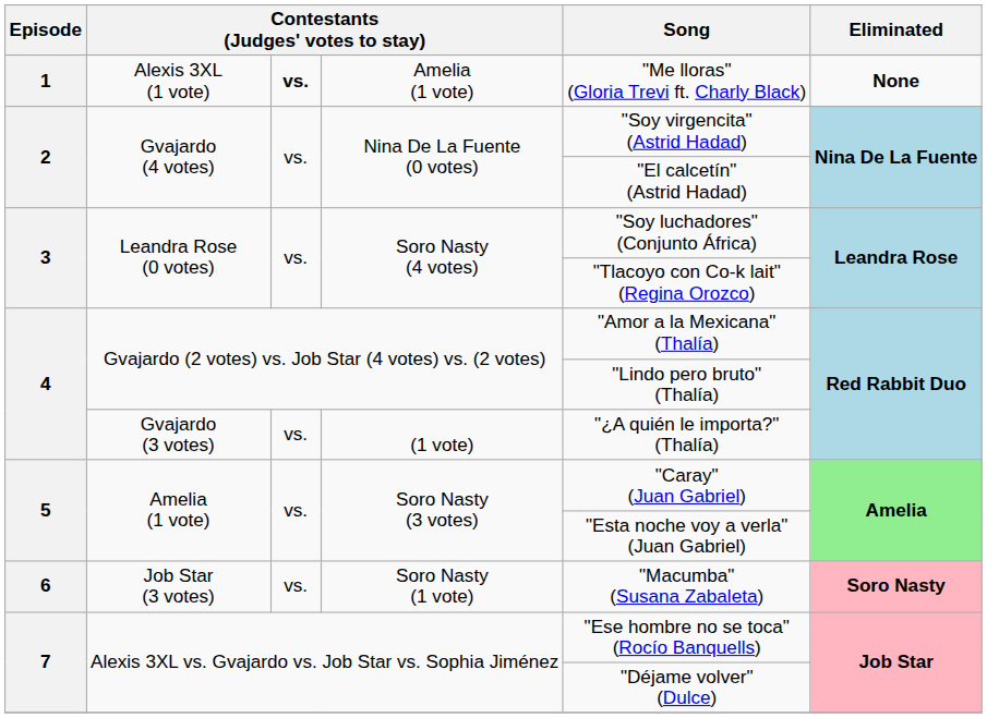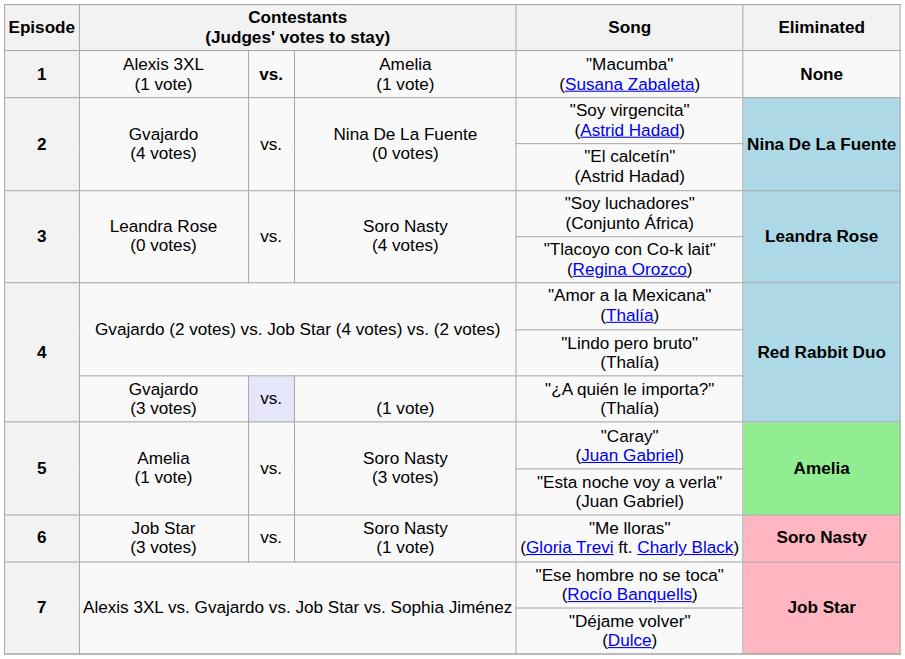 <table class="wikitable" style="text-align:center">
 <tr>
 <th scope="col">Episode</th>
 <th scope="col" colspan="3">Contestants<br>(Judges' votes to stay)</th>
 <th scope="col">Song</th>
 <th scope="col">Eliminated</th>
 </tr>
 <tr>
 <th scope="row">1</th>
 <td>Alexis 3XL<br>(1 vote)</td>
 <td><strong>vs.</strong></td>
 <td>Amelia<br>(1 vote)</td>
-<td nowrap>"Me lloras"<br>(<a href='#'>Gloria Trevi</a> ft. <a href='#'>Charly Black</a>)</td>
+<td>"Macumba"<br>(<a href='#'>Susana Zabaleta</a>)</td>
 <td><strong>None</strong></td>
 </tr>
 <tr>
 <th rowspan="2" scope="row">2</th>
 <td rowspan="2">Gvajardo<br>(4 votes)</td>
 <td rowspan="2">vs.</td>
 <td nowrap rowspan="2">Nina De La Fuente<br>(0 votes)</td>
 <td>"Soy virgencita"<br>(<a href='#'>Astrid Hadad</a>)</td>
 <td nowrap rowspan="2" bgcolor="lightblue"><strong>Nina De La Fuente</strong></td>
 </tr>
 <tr>
 <td>"El calcetín"<br>(Astrid Hadad)</td>
 </tr>
 <tr>
 <th rowspan="2" scope="row">3</th>
 <td nowrap rowspan="2">Leandra Rose<br>(0 votes)</td>
 <td rowspan="2">vs.</td>
 <td rowspan="2">Soro Nasty<br>(4 votes)</td>
 <td>"Soy luchadores"<br>(Conjunto África)</td>
 <td rowspan="2" bgcolor="lightblue"><strong>Leandra Rose</strong></td>
 </tr>
 <tr>
 <td>"Tlacoyo con Co-k lait"<br>(<a href='#'>Regina Orozco</a>)</td>
 </tr>
 <tr>
 <th rowspan="3" scope="row">4</th>
 <td colspan="3" rowspan="2">Gvajardo (2 votes) vs. Job Star (4 votes) vs.  (2 votes)</td>
 <td>"Amor a la Mexicana"<br>(<a href='#'>Thalía</a>)</td>
 <td rowspan="3" bgcolor="lightblue"><strong>Red Rabbit Duo</strong></td>
 </tr>
 <tr>
 <td>"Lindo pero bruto"<br>(Thalía)</td>
 </tr>
 <tr>
 <td>Gvajardo<br>(3 votes)</td>
-<td>vs.</td>
+<td style="background: lavender;">vs.</td>
 <td><br>(1 vote)</td>
 <td>"¿A quién le importa?"<br>(Thalía)</td>
 </tr>
 <tr>
 <th rowspan="2" scope="row">5</th>
 <td rowspan="2">Amelia<br>(1 vote)</td>
 <td rowspan="2">vs.</td>
 <td rowspan="2">Soro Nasty<br>(3 votes)</td>
 <td>"Caray"<br>(<a href='#'>Juan Gabriel</a>)</td>
 <td rowspan="2" bgcolor="lightgreen"><strong>Amelia</strong></td>
 </tr>
 <tr>
 <td>"Esta noche voy a verla"<br>(Juan Gabriel)</td>
 </tr>
 <tr>
 <th scope="row">6</th>
 <td>Job Star<br>(3 votes)</td>
 <td>vs.</td>
 <td>Soro Nasty<br>(1 vote)</td>
-<td>"Macumba"<br>(<a href='#'>Susana Zabaleta</a>)</td>
+<td nowrap>"Me lloras"<br>(<a href='#'>Gloria Trevi</a> ft. <a href='#'>Charly Black</a>)</td>
 <td bgcolor="lightpink"><strong>Soro Nasty</strong></td>
 </tr>
 <tr>
 <th rowspan="2" scope="row">7</th>
 <td colspan="3" rowspan="2">Alexis 3XL vs. Gvajardo vs. Job Star vs. Sophia Jiménez</td>
 <td>"Ese hombre no se toca"<br>(<a href='#'>Rocío Banquells</a>)</td>
 <td rowspan="2" bgcolor="lightpink"><strong>Job Star</strong></td>
 </tr>
 <tr>
 <td>"Déjame volver"<br>(<a href='#'>Dulce</a>)</td>
 </tr>
 <tr>
 </tr>
 </table>
